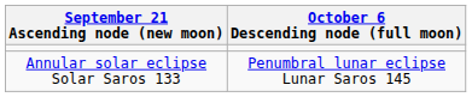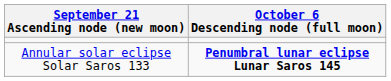 <table class="wikitable">
 <tr>
 <th><a href='#'>September 21</a><br>Ascending node (new moon)</th>
 <th><a href='#'>October 6</a><br>Descending node (full moon)</th>
 </tr>
 <tr>
 <td></td>
 <td></td>
 </tr>
 <tr align=center>
 <td><a href='#'>Annular solar eclipse</a><br>Solar Saros 133</td>
-<td><a href='#'>Penumbral lunar eclipse</a><br>Lunar Saros 145</td>
+<td><strong><a href='#'>Penumbral lunar eclipse</a><br>Lunar Saros 145</strong></td>
 </tr>
 </table>
